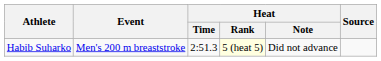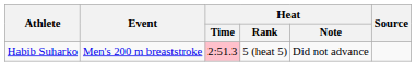 <table class=wikitable style="font-size:90%">
 <tr>
 <th rowspan="2">Athlete</th>
 <th rowspan="2">Event</th>
 <th colspan="3">Heat</th>
 <th rowspan="2">Source</th>
 </tr>
 <tr style="font-size:95%">
 <th>Time</th>
 <th>Rank</th>
 <th>Note</th>
 </tr>
 <tr align=center>
 <td align=left><a href='#'>Habib Suharko</a></td>
 <td align=left><a href='#'>Men's 200 m breaststroke</a></td>
-<td>2:51.3</td>
-<td style="background: lightyellow;">5 (heat 5)</td>
+<td style="background: pink;">2:51.3</td>
+<td>5 (heat 5)</td>
 <td>Did not advance</td>
 <td></td>
 </tr>
 </table>
